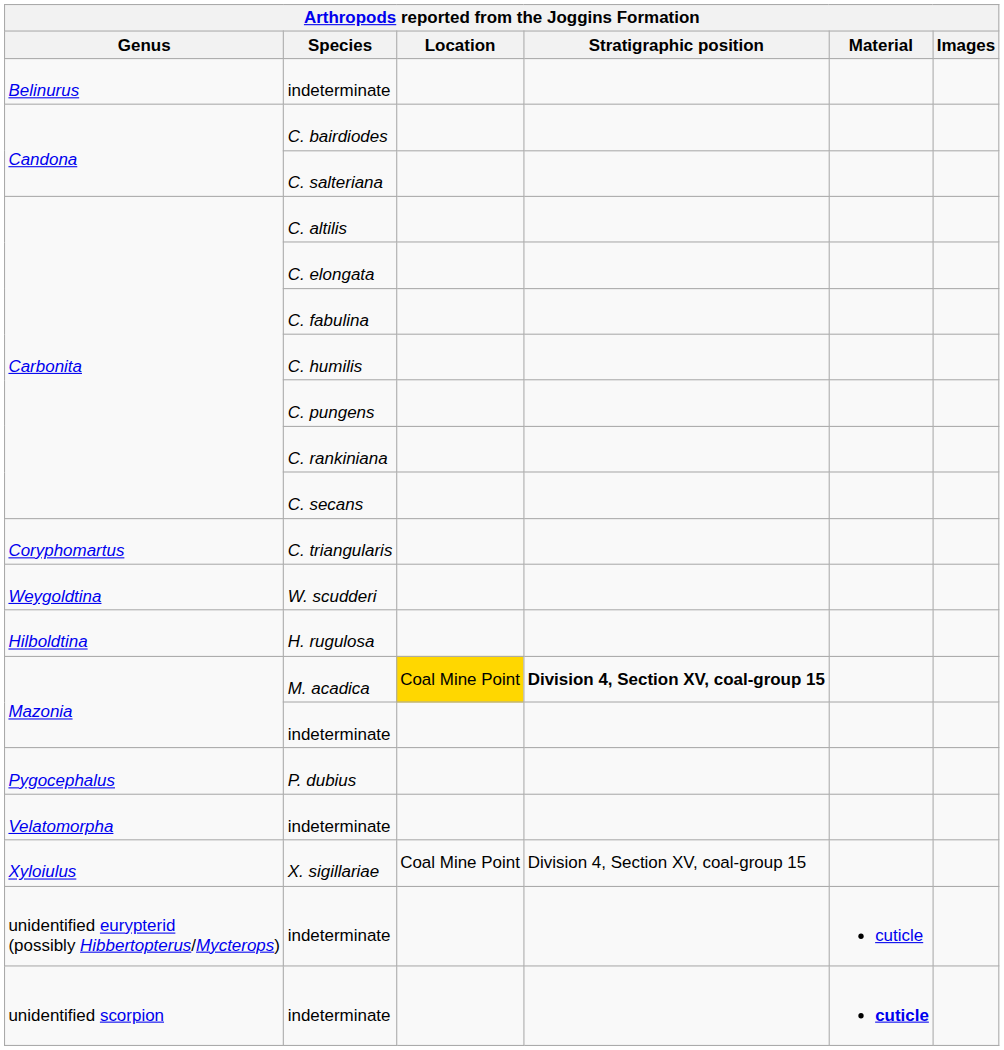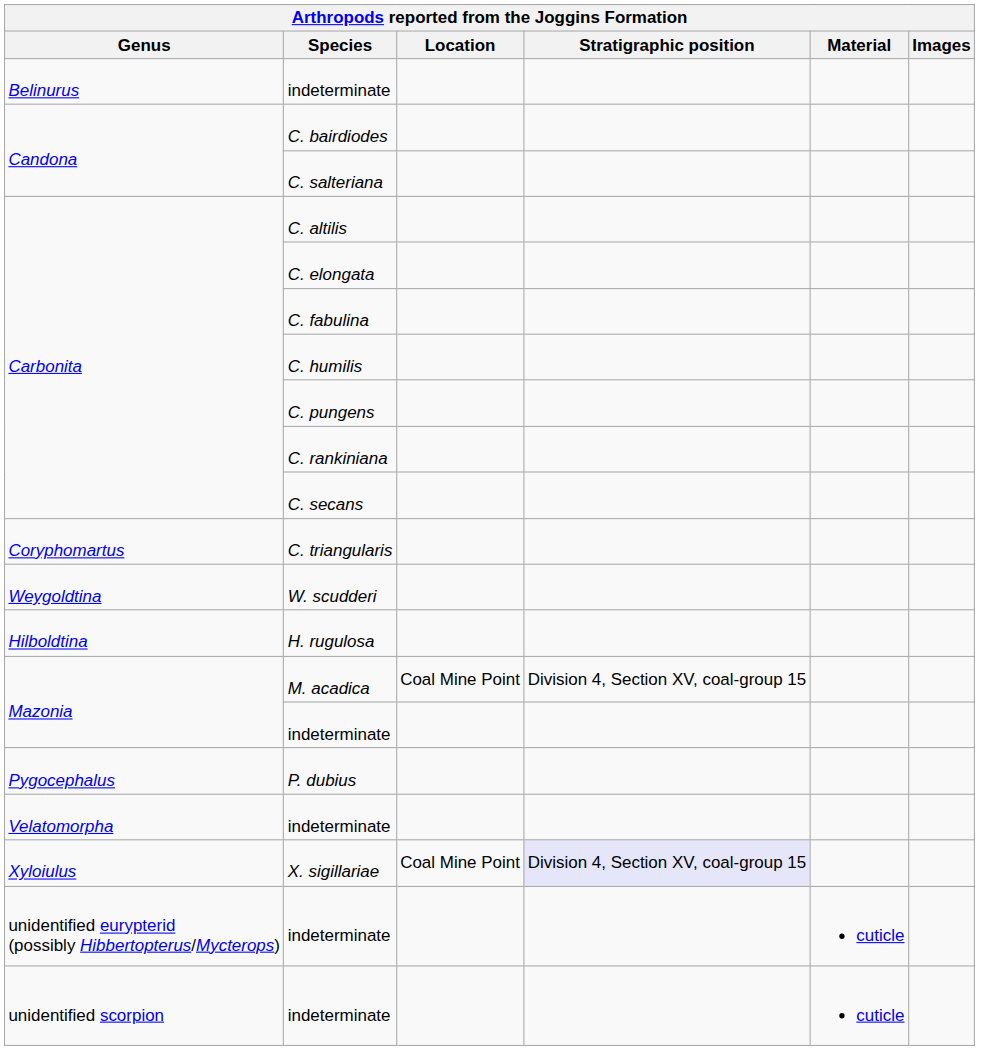 <table class="wikitable sortable mw-collapsible">
 <tr>
 <th colspan="7" style="text-align:center;"><strong><a href='#'>Arthropods</a> reported from the Joggins Formation</strong></th>
 </tr>
 <tr>
 <th>Genus</th>
 <th>Species</th>
 <th>Location</th>
 <th>Stratigraphic position</th>
 <th>Material</th>
 <th>Images</th>
 </tr>
 <tr>
 <td rowspan="1"><br><em><a href='#'>Belinurus</a></em></td>
 <td><br>indeterminate</td>
 <td></td>
 <td></td>
 <td></td>
 <td></td>
 </tr>
 <tr>
 <td rowspan="2"><br><em><a href='#'>Candona</a></em></td>
 <td><br><em>C. bairdiodes</em></td>
 <td></td>
 <td></td>
 <td></td>
 <td></td>
 </tr>
 <tr>
 <td><br><em>C. salteriana</em></td>
 <td></td>
 <td></td>
 <td></td>
 <td></td>
 </tr>
 <tr>
 <td rowspan="7"><br><em><a href='#'>Carbonita</a></em></td>
 <td><br><em>C. altilis</em></td>
 <td></td>
 <td></td>
 <td></td>
 <td></td>
 </tr>
 <tr>
 <td><br><em>C. elongata</em></td>
 <td></td>
 <td></td>
 <td></td>
 <td></td>
 </tr>
 <tr>
 <td><br><em>C. fabulina</em></td>
 <td></td>
 <td></td>
 <td></td>
 <td></td>
 </tr>
 <tr>
 <td><br><em>C. humilis</em></td>
 <td></td>
 <td></td>
 <td></td>
 <td></td>
 </tr>
 <tr>
 <td><br><em>C. pungens</em></td>
 <td></td>
 <td></td>
 <td></td>
 <td></td>
 </tr>
 <tr>
 <td><br><em>C. rankiniana</em></td>
 <td></td>
 <td></td>
 <td></td>
 <td></td>
 </tr>
 <tr>
 <td><br><em>C. secans</em></td>
 <td></td>
 <td></td>
 <td></td>
 <td></td>
 </tr>
 <tr>
 <td rowspan="1"><br><em><a href='#'>Coryphomartus</a></em></td>
 <td><br><em>C. triangularis</em></td>
 <td></td>
 <td></td>
 <td></td>
 <td></td>
 </tr>
 <tr>
 <td rowspan="1"><br><em><a href='#'>Weygoldtina</a></em></td>
 <td><br><em>W. scudderi</em></td>
 <td></td>
 <td></td>
 <td></td>
 <td></td>
 </tr>
 <tr>
 <td rowspan="1"><br><em><a href='#'>Hilboldtina</a></em></td>
 <td><br><em>H. rugulosa</em></td>
 <td></td>
 <td></td>
 <td></td>
 <td></td>
 </tr>
 <tr>
 <td rowspan="2"><br><em><a href='#'>Mazonia</a></em></td>
 <td><br><em>M. acadica</em></td>
-<td style="background: gold;">Coal Mine Point</td>
-<td><strong>Division 4, Section XV, coal-group 15</strong></td>
+<td>Coal Mine Point</td>
+<td>Division 4, Section XV, coal-group 15</td>
 <td></td>
 <td></td>
 </tr>
 <tr>
 <td><br>indeterminate</td>
 <td></td>
 <td></td>
 <td></td>
 <td></td>
 </tr>
 <tr>
 <td rowspan="1"><br><em><a href='#'>Pygocephalus</a></em></td>
 <td><br><em>P. dubius</em></td>
 <td></td>
 <td></td>
 <td></td>
 <td></td>
 </tr>
 <tr>
 <td rowspan="1"><br><em><a href='#'>Velatomorpha</a></em></td>
 <td><br>indeterminate</td>
 <td></td>
 <td></td>
 <td></td>
 <td></td>
 </tr>
 <tr>
 <td rowspan="1"><br><em><a href='#'>Xyloiulus</a></em></td>
 <td><br><em>X. sigillariae</em></td>
 <td>Coal Mine Point</td>
-<td>Division 4, Section XV, coal-group 15</td>
+<td style="background: lavender;">Division 4, Section XV, coal-group 15</td>
 <td></td>
 <td></td>
 </tr>
 <tr>
 <td rowspan="1"><br>unidentified <a href='#'>eurypterid</a><br>(possibly <em><a href='#'>Hibbertopterus</a></em>/<em><a href='#'>Mycterops</a></em>)</td>
 <td><br>indeterminate</td>
 <td></td>
 <td></td>
 <td><br><ul><li><a href='#'>cuticle</a></li></ul></td>
 <td></td>
 </tr>
 <tr>
 <td rowspan="1"><br>unidentified <a href='#'>scorpion</a></td>
 <td><br>indeterminate</td>
 <td></td>
 <td></td>
-<td><strong><br><ul><li><a href='#'>cuticle</a></li></ul></strong></td>
+<td><br><ul><li><a href='#'>cuticle</a></li></ul></td>
 <td></td>
 </tr>
 </table>
